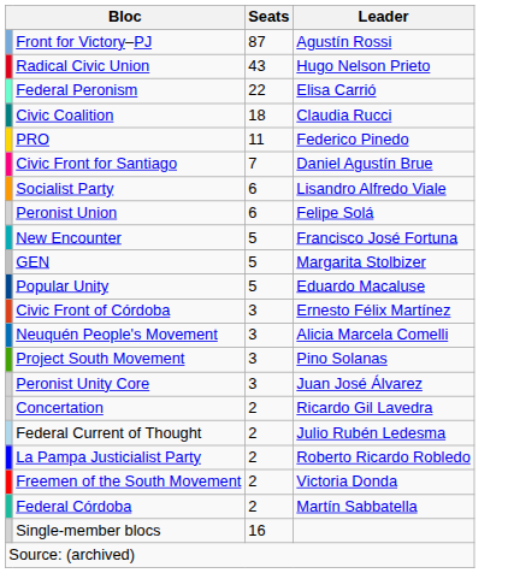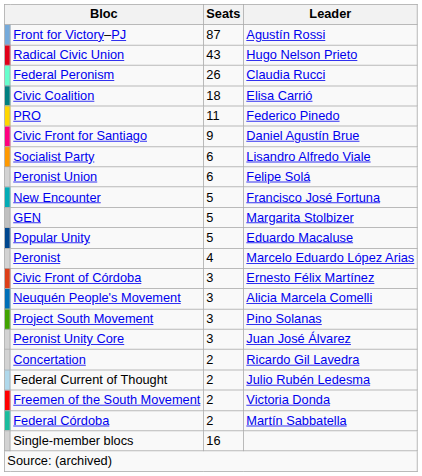 <table class="wikitable">
 <tr>
 <th colspan="2">Bloc</th>
 <th>Seats</th>
 <th>Leader</th>
 </tr>
 <tr>
 <td style="color:inherit;background:#75AADB"></td>
 <td><a href='#'>Front for Victory</a>–<a href='#'>PJ</a></td>
 <td>87</td>
 <td><a href='#'>Agustín Rossi</a></td>
 </tr>
 <tr>
 <td style="color:inherit;background:#E10019"></td>
 <td><a href='#'>Radical Civic Union</a></td>
 <td>43</td>
 <td><a href='#'>Hugo Nelson Prieto</a></td>
 </tr>
 <tr>
 <td bgcolor=#66ffcd></td>
 <td><a href='#'>Federal Peronism</a></td>
-<td>22</td>
-<td><a href='#'>Elisa Carrió</a></td>
+<td>26</td>
+<td><a href='#'>Claudia Rucci</a></td>
 </tr>
 <tr>
 <td style="color:inherit;background:#008080"></td>
 <td><a href='#'>Civic Coalition</a></td>
 <td>18</td>
-<td><a href='#'>Claudia Rucci</a></td>
+<td><a href='#'>Elisa Carrió</a></td>
 </tr>
 <tr>
 <td style="color:inherit;background:#ffd700"></td>
 <td><a href='#'>PRO</a></td>
 <td>11</td>
 <td><a href='#'>Federico Pinedo</a></td>
 </tr>
 <tr>
 <td style="color:inherit;background:#FF0080"></td>
 <td><a href='#'>Civic Front for Santiago</a></td>
-<td>7</td>
+<td>9</td>
 <td><a href='#'>Daniel Agustín Brue</a></td>
 </tr>
 <tr>
 <td style="color:inherit;background:#FF9900"></td>
 <td><a href='#'>Socialist Party</a></td>
 <td>6</td>
 <td><a href='#'>Lisandro Alfredo Viale</a></td>
 </tr>
 <tr>
 <td style="color:inherit;background:#D3D3D3"></td>
 <td><a href='#'>Peronist Union</a></td>
 <td>6</td>
 <td><a href='#'>Felipe Solá</a></td>
 </tr>
 <tr>
 <td style="color:inherit;background:#03ACB6"></td>
 <td><a href='#'>New Encounter</a></td>
 <td>5</td>
 <td><a href='#'>Francisco José Fortuna</a></td>
 </tr>
 <tr>
 <td style="color:inherit;background:#C0C0C0"></td>
 <td><a href='#'>GEN</a></td>
 <td>5</td>
 <td><a href='#'>Margarita Stolbizer</a></td>
 </tr>
 <tr>
 <td style="color:inherit;background:#00478F"></td>
 <td><a href='#'>Popular Unity</a></td>
 <td>5</td>
 <td><a href='#'>Eduardo Macaluse</a></td>
+</tr>
+<tr>
+<td style="color:inherit;background:#D3D3D3"></td>
+<td><a href='#'>Peronist</a></td>
+<td>4</td>
+<td><a href='#'>Marcelo Eduardo López Arias</a></td>
 </tr>
 <tr>
 <td bgcolor=#dd3f18></td>
 <td><a href='#'>Civic Front of Córdoba</a></td>
 <td>3</td>
 <td><a href='#'>Ernesto Félix Martínez</a></td>
 </tr>
 <tr>
 <td style="color:inherit;background:#0070b8"></td>
 <td><a href='#'>Neuquén People's Movement</a></td>
 <td>3</td>
 <td><a href='#'>Alicia Marcela Comelli</a></td>
 </tr>
 <tr>
 <td style="color:inherit;background:#41A400"></td>
 <td><a href='#'>Project South Movement</a></td>
 <td>3</td>
 <td><a href='#'>Pino Solanas</a></td>
 </tr>
 <tr>
 <td style="color:inherit;background:#D3D3D3"></td>
 <td><a href='#'>Peronist Unity Core</a></td>
 <td>3</td>
 <td><a href='#'>Juan José Álvarez</a></td>
 </tr>
 <tr>
 <td style="color:inherit;background:#D3D3D3"></td>
 <td><a href='#'>Concertation</a></td>
 <td>2</td>
 <td><a href='#'>Ricardo Gil Lavedra</a></td>
 </tr>
 <tr>
 <td style="color:inherit;background:#afd8eb"></td>
 <td>Federal Current of Thought</td>
 <td>2</td>
 <td><a href='#'>Julio Rubén Ledesma</a></td>
 </tr>
 <tr>
-<td bgcolor="blue"></td>
-<td><a href='#'>La Pampa Justicialist Party</a></td>
-<td>2</td>
-<td><a href='#'>Roberto Ricardo Robledo</a></td>
-</tr>
-<tr>
 <td style="color:inherit;background:#FF0000"></td>
 <td><a href='#'>Freemen of the South Movement</a></td>
 <td>2</td>
 <td><a href='#'>Victoria Donda</a></td>
 </tr>
 <tr>
 <td bgcolor=#19bc9d></td>
 <td><a href='#'>Federal Córdoba</a></td>
 <td>2</td>
 <td><a href='#'>Martín Sabbatella</a></td>
 </tr>
 <tr>
 <td style="color:inherit;background:#D3D3D3"></td>
 <td>Single-member blocs</td>
 <td>16</td>
 <td></td>
 </tr>
 <tr>
 <td colspan=4>Source:  (archived)</td>
 </tr>
 </table>
